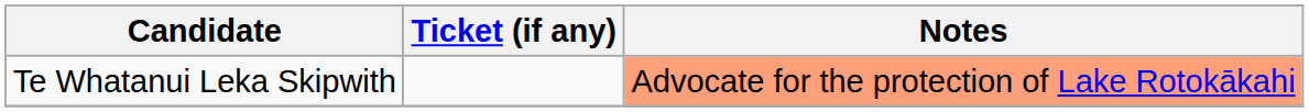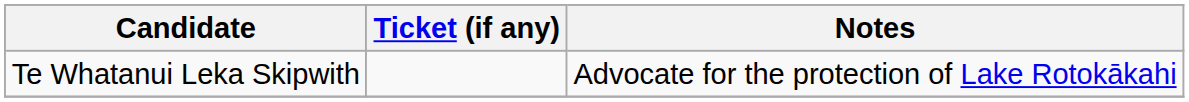 <table class="wikitable" style="font-size: 95%">
 <tr>
 <th>Candidate</th>
 <th><a href='#'>Ticket</a> (if any)</th>
 <th>Notes</th>
 </tr>
 <tr>
 <td>Te Whatanui Leka Skipwith</td>
 <td></td>
-<td style="background: lightsalmon;">Advocate for the protection of <a href='#'>Lake Rotokākahi</a></td>
+<td>Advocate for the protection of <a href='#'>Lake Rotokākahi</a></td>
 </tr>
 <tr>
 </tr>
 </table>
